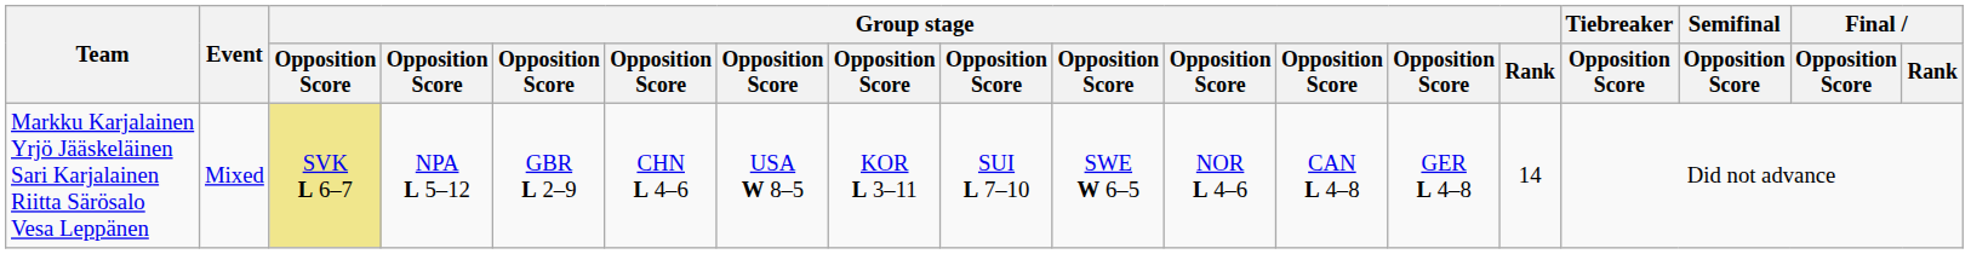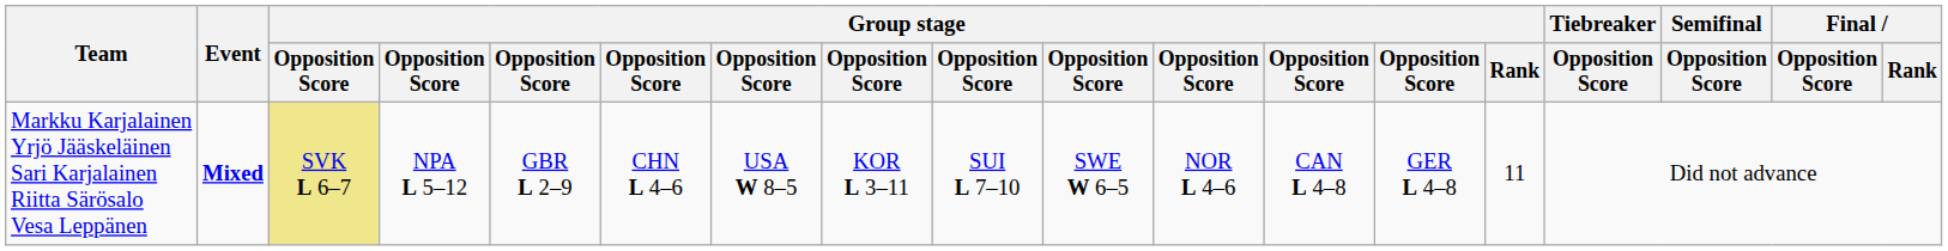 <table class="wikitable" style="font-size:90%">
 <tr>
 <th rowspan=2>Team</th>
 <th rowspan=2>Event</th>
 <th colspan=12>Group stage</th>
 <th>Tiebreaker</th>
 <th>Semifinal</th>
 <th colspan=2>Final / </th>
 </tr>
 <tr style="font-size:95%">
 <th>Opposition<br>Score</th>
 <th>Opposition<br>Score</th>
 <th>Opposition<br>Score</th>
 <th>Opposition<br>Score</th>
 <th>Opposition<br>Score</th>
 <th>Opposition<br>Score</th>
 <th>Opposition<br>Score</th>
 <th>Opposition<br>Score</th>
 <th>Opposition<br>Score</th>
 <th>Opposition<br>Score</th>
 <th>Opposition<br>Score</th>
 <th>Rank</th>
 <th>Opposition<br>Score</th>
 <th>Opposition<br>Score</th>
 <th>Opposition<br>Score</th>
 <th>Rank</th>
 </tr>
 <tr align=center>
 <td align=left><a href='#'>Markku Karjalainen</a><br><a href='#'>Yrjö Jääskeläinen</a><br><a href='#'>Sari Karjalainen</a><br><a href='#'>Riitta Särösalo</a><br><a href='#'>Vesa Leppänen</a></td>
-<td align=left><a href='#'>Mixed</a></td>
+<td align=left><strong><a href='#'>Mixed</a></strong></td>
 <td style="background: khaki;"> <a href='#'>SVK</a><br><strong>L</strong> 6–7</td>
 <td> <a href='#'>NPA</a><br><strong>L</strong> 5–12</td>
 <td> <a href='#'>GBR</a><br><strong>L</strong> 2–9</td>
 <td> <a href='#'>CHN</a><br><strong>L</strong> 4–6</td>
 <td> <a href='#'>USA</a><br><strong>W</strong> 8–5</td>
 <td> <a href='#'>KOR</a><br><strong>L</strong> 3–11</td>
 <td> <a href='#'>SUI</a><br><strong>L</strong> 7–10</td>
 <td> <a href='#'>SWE</a><br><strong>W</strong> 6–5</td>
 <td> <a href='#'>NOR</a><br><strong>L</strong> 4–6</td>
 <td> <a href='#'>CAN</a><br><strong>L</strong> 4–8</td>
 <td> <a href='#'>GER</a><br><strong>L</strong> 4–8</td>
-<td>14</td>
+<td>11</td>
 <td colspan=4>Did not advance</td>
 </tr>
 </table>
